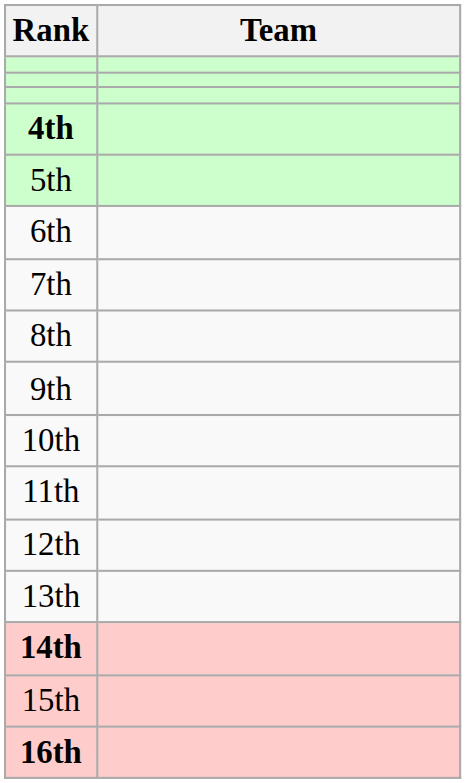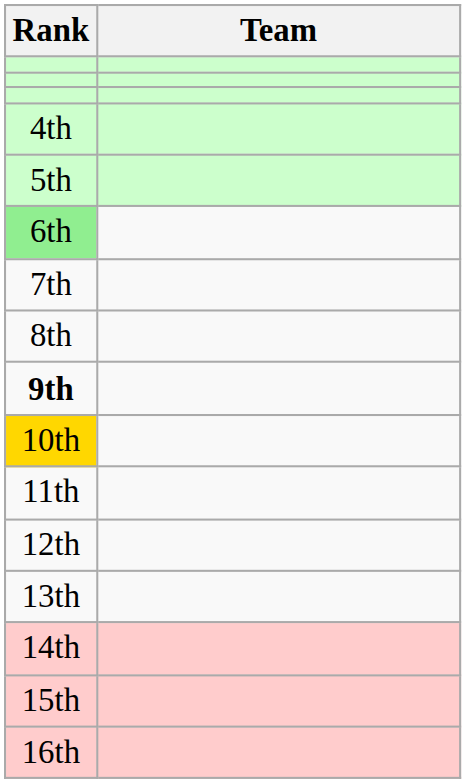 <table class=wikitable style="text-align:center;">
 <tr>
 <th>Rank</th>
 <th width=170>Team</th>
 </tr>
 <tr bgcolor="#ccffcc">
 <td></td>
 <td align=left></td>
 </tr>
 <tr bgcolor="#ccffcc">
 <td></td>
 <td align=left></td>
 </tr>
 <tr bgcolor="#ccffcc">
 <td></td>
 <td align=left></td>
 </tr>
 <tr bgcolor="#ccffcc">
-<td><strong>4th</strong></td>
+<td>4th</td>
 <td align=left></td>
 </tr>
 <tr bgcolor="#ccffcc">
 <td>5th</td>
 <td align=left></td>
 </tr>
 <tr>
-<td>6th</td>
+<td style="background: lightgreen;">6th</td>
 <td align=left></td>
 </tr>
 <tr>
 <td>7th</td>
 <td align=left></td>
 </tr>
 <tr>
 <td>8th</td>
 <td align=left></td>
 </tr>
 <tr>
-<td>9th</td>
+<td><strong>9th</strong></td>
 <td align=left></td>
 </tr>
 <tr>
-<td>10th</td>
+<td style="background: gold;">10th</td>
 <td align=left></td>
 </tr>
 <tr>
 <td>11th</td>
 <td align=left></td>
 </tr>
 <tr>
 <td>12th</td>
 <td align=left></td>
 </tr>
 <tr>
 <td>13th</td>
 <td align=left></td>
 </tr>
 <tr bgcolor=#ffcccc>
-<td><strong>14th</strong></td>
+<td>14th</td>
 <td align=left></td>
 </tr>
 <tr bgcolor=#ffcccc>
 <td>15th</td>
 <td align=left></td>
 </tr>
 <tr bgcolor=#ffcccc>
-<td><strong>16th</strong></td>
+<td>16th</td>
 <td align=left></td>
 </tr>
 </table>
